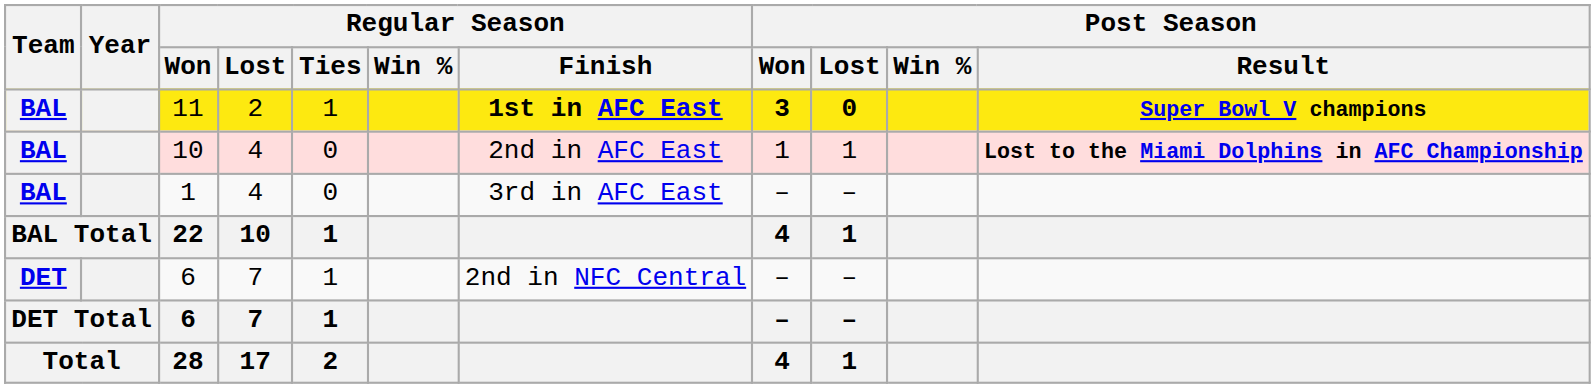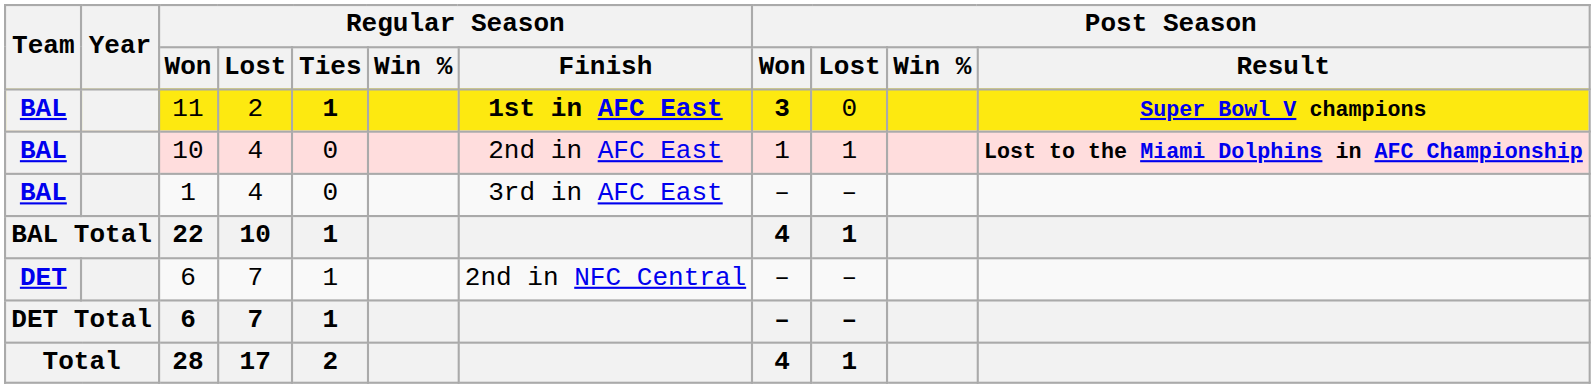 <table class="wikitable" style="font-size: 95%; text-align:center;">
 <tr>
 <th rowspan="2">Team</th>
 <th rowspan="2">Year</th>
 <th colspan="5">Regular Season</th>
 <th colspan="4">Post Season</th>
 </tr>
 <tr>
 <th>Won</th>
 <th>Lost</th>
 <th>Ties</th>
 <th>Win %</th>
 <th>Finish</th>
 <th>Won</th>
 <th>Lost</th>
 <th>Win %</th>
 <th>Result</th>
 </tr>
 <tr ! style="background:#FDE910;">
 <th><a href='#'>BAL</a></th>
 <th></th>
 <td>11</td>
 <td>2</td>
-<td>1</td>
+<td><strong>1</strong></td>
 <td></td>
 <td><strong>1st in <a href='#'>AFC East</a></strong></td>
 <td><strong>3</strong></td>
-<td><strong>0</strong></td>
+<td>0</td>
 <td></td>
 <td><small><strong><a href='#'>Super Bowl V</a> champions</strong></small></td>
 </tr>
 <tr style="background:#fdd;">
 <th><a href='#'>BAL</a></th>
 <th></th>
 <td>10</td>
 <td>4</td>
 <td>0</td>
 <td></td>
 <td>2nd in <a href='#'>AFC East</a></td>
 <td>1</td>
 <td>1</td>
 <td></td>
 <td><small><strong>Lost to the <a href='#'>Miami Dolphins</a> in <a href='#'>AFC Championship</a></strong></small></td>
 </tr>
 <tr>
 <th><a href='#'>BAL</a></th>
 <th></th>
 <td>1</td>
 <td>4</td>
 <td>0</td>
 <td></td>
 <td>3rd in <a href='#'>AFC East</a></td>
 <td>–</td>
 <td>–</td>
 <td></td>
 <td></td>
 </tr>
 <tr>
 <th colspan="2">BAL Total</th>
 <th>22</th>
 <th>10</th>
 <th>1</th>
 <th></th>
 <th></th>
 <th>4</th>
 <th>1</th>
 <th></th>
 <th></th>
 </tr>
 <tr>
 <th><a href='#'>DET</a></th>
 <th></th>
 <td>6</td>
 <td>7</td>
 <td>1</td>
 <td></td>
 <td>2nd in <a href='#'>NFC Central</a></td>
 <td>–</td>
 <td>–</td>
 <td></td>
 <td></td>
 </tr>
 <tr>
 <th colspan="2">DET Total</th>
 <th>6</th>
 <th>7</th>
 <th>1</th>
 <th></th>
 <th></th>
 <th>–</th>
 <th>–</th>
 <th></th>
 <th></th>
 </tr>
 <tr>
 <th colspan="2">Total</th>
 <th>28</th>
 <th>17</th>
 <th>2</th>
 <th></th>
 <th></th>
 <th>4</th>
 <th>1</th>
 <th></th>
 <th></th>
 </tr>
 </table>
